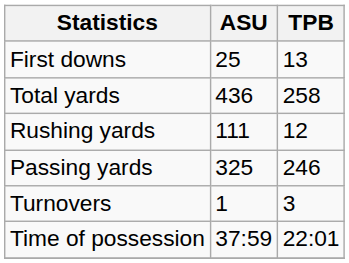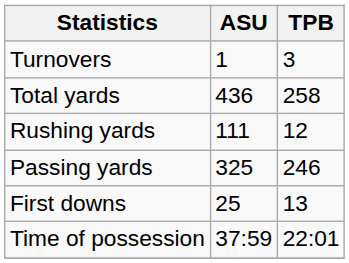 <table class="wikitable" style="float: left;">
 <tr>
 <th>Statistics</th>
 <th>ASU</th>
 <th>TPB</th>
 </tr>
 <tr>
-<td>First downs</td>
-<td>25</td>
-<td>13</td>
+<td>Turnovers</td>
+<td>1</td>
+<td>3</td>
 </tr>
 <tr>
 <td>Total yards</td>
 <td>436</td>
 <td>258</td>
 </tr>
 <tr>
 <td>Rushing yards</td>
 <td>111</td>
 <td>12</td>
 </tr>
 <tr>
 <td>Passing yards</td>
 <td>325</td>
 <td>246</td>
 </tr>
 <tr>
-<td>Turnovers</td>
-<td>1</td>
-<td>3</td>
+<td>First downs</td>
+<td>25</td>
+<td>13</td>
 </tr>
 <tr>
 <td>Time of possession</td>
 <td>37:59</td>
 <td>22:01</td>
 </tr>
 <tr>
 </tr>
 </table>
